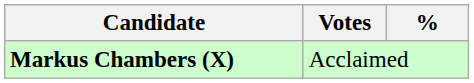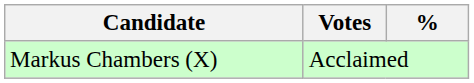 <table class="wikitable">
 <tr>
 <th bgcolor="#DDDDFF" width="200px">Candidate</th>
 <th bgcolor="#DDDDFF" width="50px">Votes</th>
 <th bgcolor="#DDDDFF" width="50px">%</th>
 </tr>
 <tr style="text-align:left; background:#cfc;">
-<td><strong>Markus Chambers (X)</strong></td>
+<td>Markus Chambers (X)</td>
 <td colspan="2">Acclaimed</td>
 </tr>
 </table>
